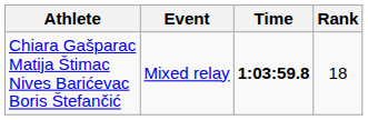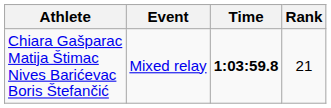 <table class="wikitable" style="font-size:90%">
 <tr>
 <th>Athlete</th>
 <th>Event</th>
 <th>Time</th>
 <th>Rank</th>
 </tr>
 <tr align=center>
 <td align=left><a href='#'>Chiara Gašparac</a><br><a href='#'>Matija Štimac</a><br><a href='#'>Nives Barićevac</a><br><a href='#'>Boris Štefančić</a></td>
 <td align=left><a href='#'>Mixed relay</a></td>
 <td><strong>1:03:59.8</strong></td>
-<td>18</td>
+<td>21</td>
 </tr>
 </table>
